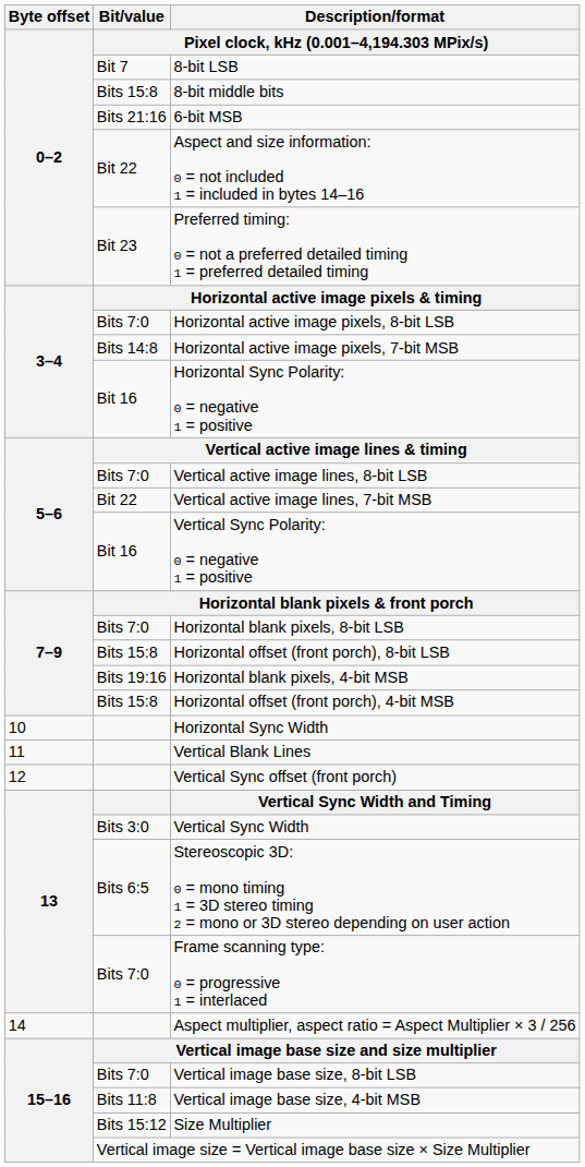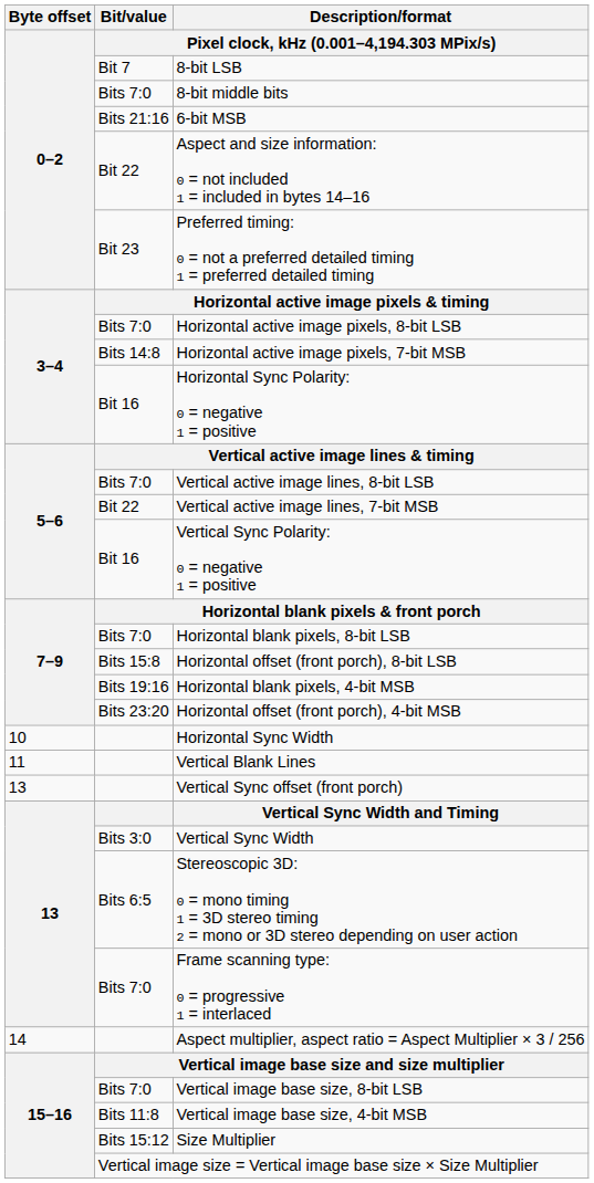 <table class=wikitable>
 <tr>
 <th>Byte offset</th>
 <th>Bit/value</th>
 <th>Description/format</th>
 </tr>
 <tr>
 <th rowspan=6>0–2</th>
 <th colspan=2>Pixel clock, kHz (0.001–4,194.303 MPix/s)</th>
 </tr>
 <tr>
 <td>Bit 7</td>
 <td>8-bit LSB</td>
 </tr>
 <tr>
-<td>Bits 15:8</td>
+<td>Bits 7:0</td>
 <td>8-bit middle bits</td>
 </tr>
 <tr>
 <td>Bits 21:16</td>
 <td>6-bit MSB</td>
 </tr>
 <tr>
 <td>Bit 22</td>
 <td>Aspect and size information:<br><br><code>0</code> = not included<br> <code>1</code> = included in bytes 14–16<br></td>
 </tr>
 <tr>
 <td>Bit 23</td>
 <td>Preferred timing:<br><br><code>0</code> = not a preferred detailed timing<br> <code>1</code> = preferred detailed timing</td>
 </tr>
 <tr>
 <th rowspan=4>3–4</th>
 <th colspan=2>Horizontal active image pixels & timing</th>
 </tr>
 <tr>
 <td>Bits 7:0</td>
 <td>Horizontal active image pixels, 8-bit LSB</td>
 </tr>
 <tr>
 <td>Bits 14:8</td>
 <td>Horizontal active image pixels, 7-bit MSB</td>
 </tr>
 <tr>
 <td>Bit 16</td>
 <td>Horizontal Sync Polarity:<br><br><code>0</code> = negative<br> <code>1</code> = positive</td>
 </tr>
 <tr>
 <th rowspan=4>5–6</th>
 <th colspan=2>Vertical active image lines & timing</th>
 </tr>
 <tr>
 <td>Bits 7:0</td>
 <td>Vertical active image lines, 8-bit LSB</td>
 </tr>
 <tr>
 <td>Bit 22</td>
 <td>Vertical active image lines, 7-bit MSB</td>
 </tr>
 <tr>
 <td>Bit 16</td>
 <td>Vertical Sync Polarity:<br><br><code>0</code> = negative<br> <code>1</code> = positive</td>
 </tr>
 <tr>
 <th rowspan=5>7–9</th>
 <th colspan=2>Horizontal blank pixels & front porch</th>
 </tr>
 <tr>
 <td>Bits 7:0</td>
 <td>Horizontal blank pixels, 8-bit LSB</td>
 </tr>
 <tr>
 <td>Bits 15:8</td>
 <td>Horizontal offset (front porch), 8-bit LSB</td>
 </tr>
 <tr>
 <td>Bits 19:16</td>
 <td>Horizontal blank pixels, 4-bit MSB</td>
 </tr>
 <tr>
-<td>Bits 15:8</td>
+<td>Bits 23:20</td>
 <td>Horizontal offset (front porch), 4-bit MSB</td>
 </tr>
 <tr>
 <td>10</td>
 <td></td>
 <td>Horizontal Sync Width</td>
 </tr>
 <tr>
 <td>11</td>
 <td></td>
 <td>Vertical Blank Lines</td>
 </tr>
 <tr>
-<td>12</td>
+<td>13</td>
 <td></td>
 <td>Vertical Sync offset (front porch)</td>
 </tr>
 <tr>
 <th rowspan=4>13</th>
 <th></th>
 <th>Vertical Sync Width and Timing</th>
 </tr>
 <tr>
 <td>Bits 3:0</td>
 <td>Vertical Sync Width</td>
 </tr>
 <tr>
 <td>Bits 6:5</td>
 <td>Stereoscopic 3D:<br><br><code>0</code> = mono timing<br> <code>1</code> = 3D stereo timing<br> <code>2</code> = mono or 3D stereo depending on user action</td>
 </tr>
 <tr>
 <td>Bits 7:0</td>
 <td>Frame scanning type:<br><br><code>0</code> = progressive<br> <code>1</code> = interlaced</td>
 </tr>
 <tr>
 <td>14</td>
 <td></td>
 <td>Aspect multiplier, aspect ratio = Aspect Multiplier × 3 / 256</td>
 </tr>
 <tr>
 <th rowspan=5>15–16</th>
 <th colspan=2>Vertical image base size and size multiplier</th>
 </tr>
 <tr>
 <td>Bits 7:0</td>
 <td>Vertical image base size, 8-bit LSB</td>
 </tr>
 <tr>
 <td>Bits 11:8</td>
 <td>Vertical image base size, 4-bit MSB</td>
 </tr>
 <tr>
 <td>Bits 15:12</td>
 <td>Size Multiplier</td>
 </tr>
 <tr>
 <td colspan=3>Vertical image size = Vertical image base size × Size Multiplier</td>
 </tr>
 </table>
